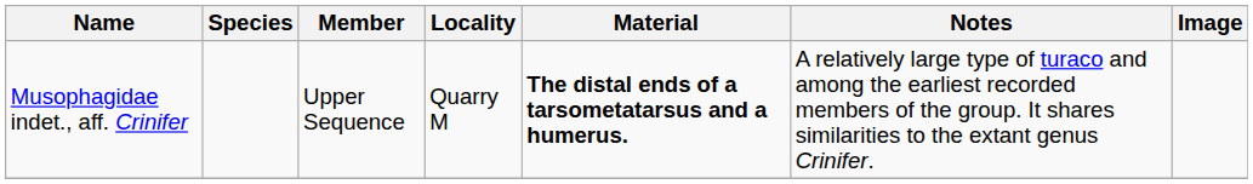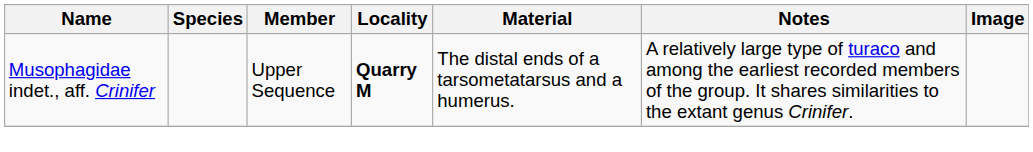 <table class="wikitable" align="center" width="100%">
 <tr>
 <th>Name</th>
 <th>Species</th>
 <th>Member</th>
 <th>Locality</th>
 <th>Material</th>
 <th>Notes</th>
 <th>Image</th>
 </tr>
 <tr>
 <td><a href='#'>Musophagidae</a> indet., aff. <em><a href='#'>Crinifer</a></em></td>
 <td></td>
 <td>Upper Sequence</td>
-<td>Quarry M</td>
-<td><strong>The distal ends of a tarsometatarsus and a humerus.</strong></td>
+<td><strong>Quarry M</strong></td>
+<td>The distal ends of a tarsometatarsus and a humerus.</td>
 <td>A relatively large type of <a href='#'>turaco</a> and among the earliest recorded members of the group. It shares similarities to the extant genus <em>Crinifer</em>.</td>
 <td></td>
 </tr>
 <tr>
 </tr>
 </table>
